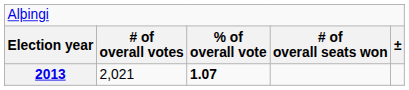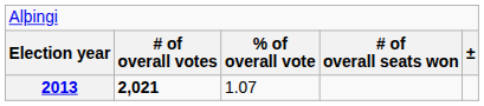 <table class=wikitable>
 <tr>
 <td colspan=6><a href='#'>Alþingi</a></td>
 </tr>
 <tr>
 <th>Election year</th>
 <th># of<br>overall votes</th>
 <th>% of<br>overall vote</th>
 <th># of<br>overall seats won</th>
 <th>±</th>
 </tr>
 <tr>
 <th><a href='#'>2013</a></th>
-<td>2,021</td>
-<td><strong>1.07</strong></td>
+<td><strong>2,021</strong></td>
+<td>1.07</td>
 <td></td>
 <td></td>
 </tr>
 </table>
